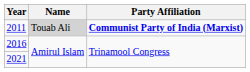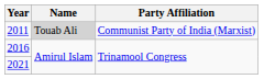 <table class="wikitable sortable"ìÍĦĤĠčw>
 <tr>
 <th>Year</th>
 <th>Name</th>
 <th>Party Affiliation</th>
 </tr>
 <tr>
 <td><a href='#'>2011</a></td>
 <td style="background: lightgrey;">Touab Ali</td>
-<td><strong><a href='#'>Communist Party of India (Marxist)</a></strong></td>
+<td><a href='#'>Communist Party of India (Marxist)</a></td>
 </tr>
 <tr>
 <td><a href='#'>2016</a></td>
 <td rowspan="2"><a href='#'>Amirul Islam</a></td>
 <td rowspan="2"><a href='#'>Trinamool Congress</a></td>
 </tr>
 <tr>
 <td><a href='#'>2021</a></td>
 </tr>
 </table>
